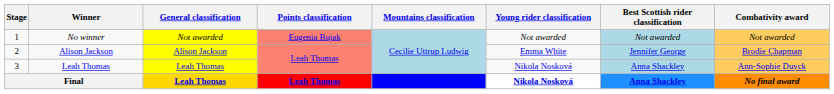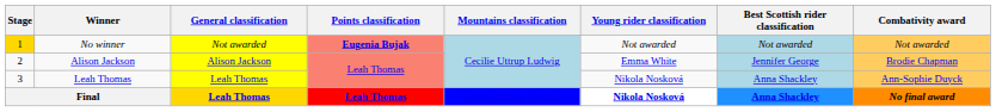 <table class="wikitable" style="text-align: center; font-size:smaller;">
 <tr style="background:#efefef;">
 <th scope="col" style="width:2%;">Stage</th>
 <th scope="col" style="width:14%;">Winner</th>
 <th scope="col" style="width:14%;"><a href='#'>General classification</a><br></th>
 <th scope="col" style="width:14%;"><a href='#'>Points classification</a><br></th>
 <th scope="col" style="width:14%;"><a href='#'>Mountains classification</a><br></th>
 <th scope="col" style="width:14%;"><a href='#'>Young rider classification</a><br></th>
 <th scope="col" style="width:14%;">Best Scottish rider classification</th>
 <th scope="col" style="width:14%;">Combativity award</th>
 </tr>
 <tr>
-<td scope="row">1</td>
+<td scope="row" style="background: gold;">1</td>
 <td><em>No winner</em></td>
 <td style="background:yellow;"><em>Not awarded</em></td>
-<td style="background:salmon"><a href='#'>Eugenia Bujak</a></td>
+<td style="background:salmon"><strong><a href='#'>Eugenia Bujak</a></strong></td>
 <td style="background:lightblue" rowspan=3><a href='#'>Cecilie Uttrup Ludwig</a></td>
 <td style="background:offwhite"><em>Not awarded</em></td>
 <td style="background:lightblue"><em>Not awarded</em></td>
 <td style="background:#FFCD5F;"><em>Not awarded</em></td>
 </tr>
 <tr>
 <td scope="row">2</td>
 <td><a href='#'>Alison Jackson</a></td>
 <td style="background:yellow;"><a href='#'>Alison Jackson</a></td>
 <td style="background:salmon" rowspan=2><a href='#'>Leah Thomas</a></td>
 <td style="background:offwhite"><a href='#'>Emma White</a></td>
 <td style="background:lightblue"><a href='#'>Jennifer George</a></td>
 <td style="background:#FFCD5F;"><a href='#'>Brodie Chapman</a></td>
 </tr>
 <tr>
 <td scope="row">3</td>
 <td><a href='#'>Leah Thomas</a></td>
 <td style="background:yellow;"><a href='#'>Leah Thomas</a></td>
 <td style="background:offwhite"><a href='#'>Nikola Nosková</a></td>
 <td style="background:lightblue"><a href='#'>Anna Shackley</a></td>
 <td style="background:#FFCD5F;"><a href='#'>Ann-Sophie Duyck</a></td>
 </tr>
 <tr>
 <th scope="row" colspan="2">Final</th>
 <th style="background:gold;"><a href='#'>Leah Thomas</a></th>
 <th style="background:red"><a href='#'>Leah Thomas</a></th>
 <th style="background:blue;"><a href='#'>Cecilie Uttrup Ludwig</a></th>
 <th style="background:white"><a href='#'>Nikola Nosková</a></th>
 <th style="background:dodgerblue;"><a href='#'>Anna Shackley</a></th>
 <th style="background:#FF8C00;"><em>No final award</em></th>
 </tr>
 </table>
